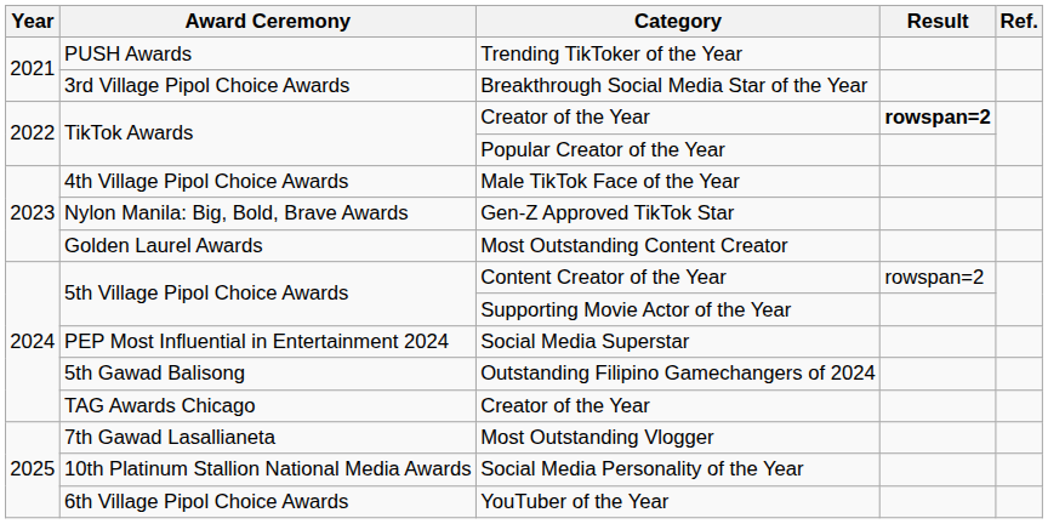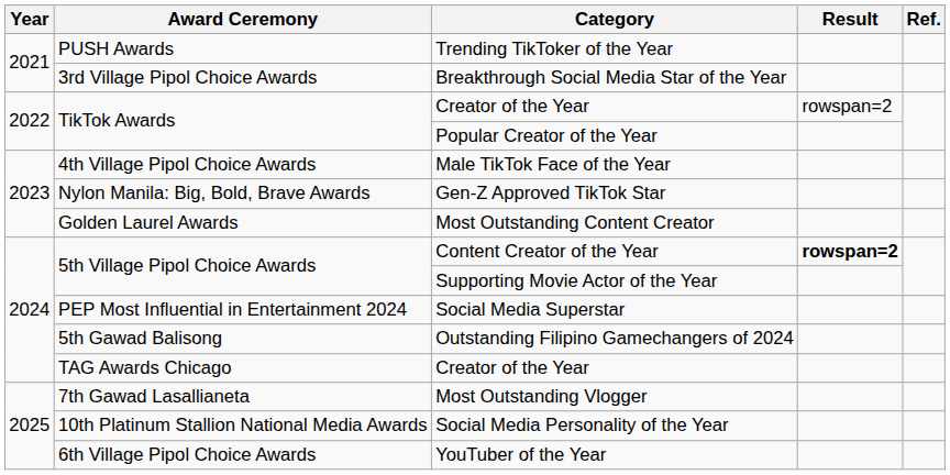 <table class="wikitable sortable">
 <tr>
 <th>Year</th>
 <th>Award Ceremony</th>
 <th>Category</th>
 <th>Result</th>
 <th>Ref.</th>
 </tr>
 <tr>
 <td rowspan=2>2021</td>
 <td>PUSH Awards</td>
 <td>Trending TikToker of the Year</td>
 <td></td>
 <td align="center"></td>
 </tr>
 <tr>
 <td>3rd Village Pipol Choice Awards</td>
 <td>Breakthrough Social Media Star of the Year</td>
 <td></td>
 <td align="center"></td>
 </tr>
 <tr>
 <td rowspan=2>2022</td>
 <td rowspan=2>TikTok Awards</td>
 <td>Creator of the Year</td>
-<td><strong>rowspan=2 </strong></td>
+<td>rowspan=2 </td>
 <td rowspan=2 align="center"></td>
 </tr>
 <tr>
 <td>Popular Creator of the Year</td>
 </tr>
 <tr>
 <td rowspan=3>2023</td>
 <td>4th Village Pipol Choice Awards</td>
 <td>Male TikTok Face of the Year</td>
 <td></td>
 <td align="center"></td>
 </tr>
 <tr>
 <td>Nylon Manila: Big, Bold, Brave Awards</td>
 <td>Gen-Z Approved TikTok Star</td>
 <td></td>
 <td align="center"></td>
 </tr>
 <tr>
 <td>Golden Laurel Awards</td>
 <td>Most Outstanding Content Creator</td>
 <td></td>
 <td align="center"></td>
 </tr>
 <tr>
 <td rowspan=5>2024</td>
 <td rowspan=2>5th Village Pipol Choice Awards</td>
 <td>Content Creator of the Year</td>
-<td>rowspan=2 </td>
+<td><strong>rowspan=2 </strong></td>
 <td rowspan=2 align="center"></td>
 </tr>
 <tr>
 <td>Supporting Movie Actor of the Year</td>
 </tr>
 <tr>
 <td>PEP Most Influential in Entertainment 2024</td>
 <td>Social Media Superstar</td>
 <td></td>
 <td align="center"></td>
 </tr>
 <tr>
 <td>5th Gawad Balisong</td>
 <td>Outstanding Filipino Gamechangers of 2024</td>
 <td></td>
 <td align="center"></td>
 </tr>
 <tr>
 <td>TAG Awards Chicago</td>
 <td>Creator of the Year</td>
 <td></td>
 <td align="center"></td>
 </tr>
 <tr>
 <td rowspan=3>2025</td>
 <td>7th Gawad Lasallianeta</td>
 <td>Most Outstanding Vlogger</td>
 <td></td>
 <td align="center"></td>
 </tr>
 <tr>
 <td>10th Platinum Stallion National Media Awards</td>
 <td>Social Media Personality of the Year</td>
 <td></td>
 <td align="center"></td>
 </tr>
 <tr>
 <td>6th Village Pipol Choice Awards</td>
 <td>YouTuber of the Year</td>
 <td></td>
 <td align="center"></td>
 </tr>
 </table>
